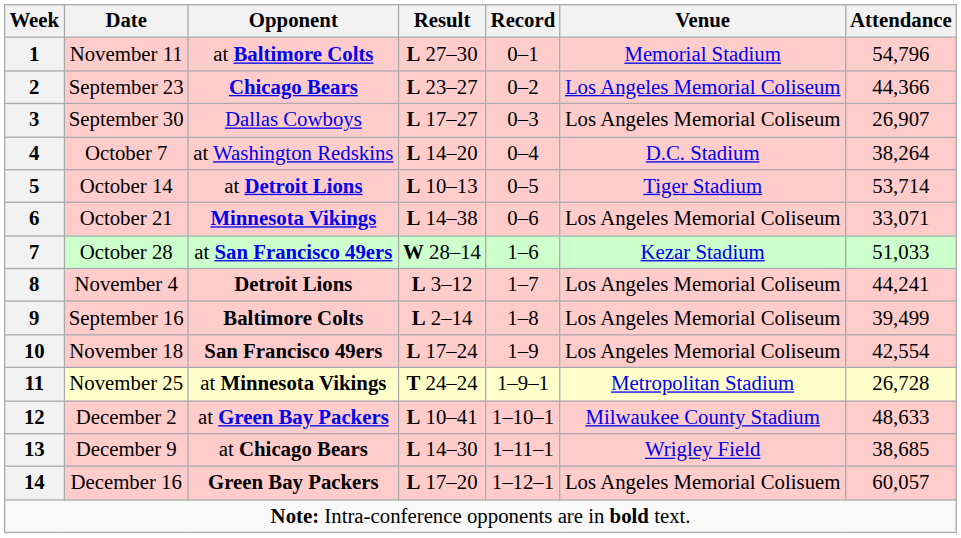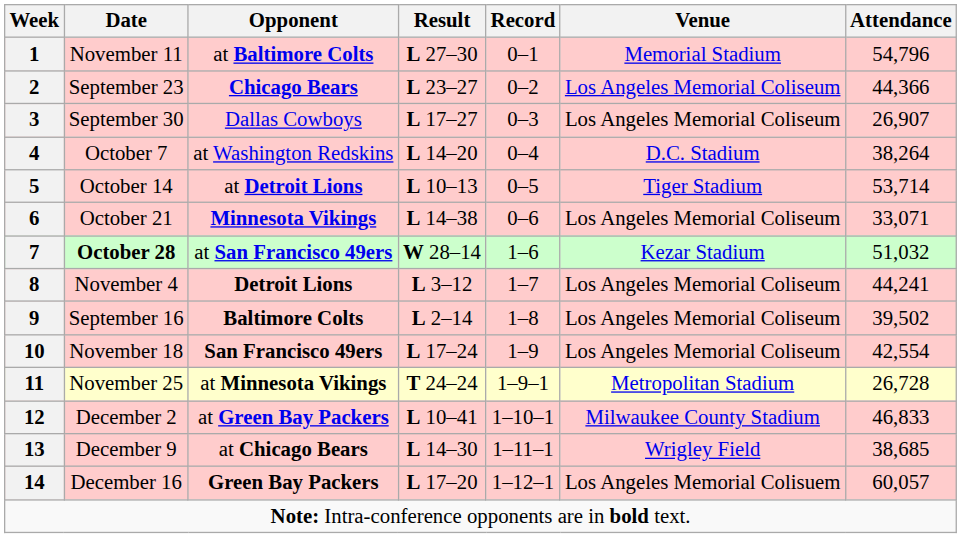 <table class="wikitable" style="text-align:center">
 <tr>
 <th>Week</th>
 <th>Date</th>
 <th>Opponent</th>
 <th>Result</th>
 <th>Record</th>
 <th>Venue</th>
 <th>Attendance</th>
 </tr>
 <tr style="background:#fcc">
 <th>1</th>
 <td>November 11</td>
 <td>at <strong><a href='#'>Baltimore Colts</a></strong></td>
 <td><strong>L</strong> 27–30</td>
 <td>0–1</td>
 <td><a href='#'>Memorial Stadium</a></td>
 <td>54,796</td>
 </tr>
 <tr style="background:#fcc">
 <th>2</th>
 <td>September 23</td>
 <td><strong><a href='#'>Chicago Bears</a></strong></td>
 <td><strong>L</strong> 23–27</td>
 <td>0–2</td>
 <td><a href='#'>Los Angeles Memorial Coliseum</a></td>
 <td>44,366</td>
 </tr>
 <tr style="background:#fcc">
 <th>3</th>
 <td>September 30</td>
 <td><a href='#'>Dallas Cowboys</a></td>
 <td><strong>L</strong> 17–27</td>
 <td>0–3</td>
 <td>Los Angeles Memorial Coliseum</td>
 <td>26,907</td>
 </tr>
 <tr style="background:#fcc">
 <th>4</th>
 <td>October 7</td>
 <td>at <a href='#'>Washington Redskins</a></td>
 <td><strong>L</strong> 14–20</td>
 <td>0–4</td>
 <td><a href='#'>D.C. Stadium</a></td>
 <td>38,264</td>
 </tr>
 <tr style="background:#fcc">
 <th>5</th>
 <td>October 14</td>
 <td>at <strong><a href='#'>Detroit Lions</a></strong></td>
 <td><strong>L</strong> 10–13</td>
 <td>0–5</td>
 <td><a href='#'>Tiger Stadium</a></td>
 <td>53,714</td>
 </tr>
 <tr style="background:#fcc">
 <th>6</th>
 <td>October 21</td>
 <td><strong><a href='#'>Minnesota Vikings</a></strong></td>
 <td><strong>L</strong> 14–38</td>
 <td>0–6</td>
 <td>Los Angeles Memorial Coliseum</td>
 <td>33,071</td>
 </tr>
 <tr style="background:#cfc">
 <th>7</th>
-<td>October 28</td>
+<td><strong>October 28</strong></td>
 <td>at <strong><a href='#'>San Francisco 49ers</a></strong></td>
 <td><strong>W</strong> 28–14</td>
 <td>1–6</td>
 <td><a href='#'>Kezar Stadium</a></td>
-<td>51,033</td>
+<td>51,032</td>
 </tr>
 <tr style="background:#fcc">
 <th>8</th>
 <td>November 4</td>
 <td><strong>Detroit Lions</strong></td>
 <td><strong>L</strong> 3–12</td>
 <td>1–7</td>
 <td>Los Angeles Memorial Coliseum</td>
 <td>44,241</td>
 </tr>
 <tr style="background:#fcc">
 <th>9</th>
 <td>September 16</td>
 <td><strong>Baltimore Colts</strong></td>
 <td><strong>L</strong> 2–14</td>
 <td>1–8</td>
 <td>Los Angeles Memorial Coliseum</td>
-<td>39,499</td>
+<td>39,502</td>
 </tr>
 <tr style="background:#fcc">
 <th>10</th>
 <td>November 18</td>
 <td><strong>San Francisco 49ers</strong></td>
 <td><strong>L</strong> 17–24</td>
 <td>1–9</td>
 <td>Los Angeles Memorial Coliseum</td>
 <td>42,554</td>
 </tr>
 <tr style="background:#ffc">
 <th>11</th>
 <td>November 25</td>
 <td>at <strong>Minnesota Vikings</strong></td>
 <td><strong>T</strong> 24–24</td>
 <td>1–9–1</td>
 <td><a href='#'>Metropolitan Stadium</a></td>
 <td>26,728</td>
 </tr>
 <tr style="background:#fcc">
 <th>12</th>
 <td>December 2</td>
 <td>at <strong><a href='#'>Green Bay Packers</a></strong></td>
 <td><strong>L</strong> 10–41</td>
 <td>1–10–1</td>
 <td><a href='#'>Milwaukee County Stadium</a></td>
-<td>48,633</td>
+<td>46,833</td>
 </tr>
 <tr style="background:#fcc">
 <th>13</th>
 <td>December 9</td>
 <td>at <strong>Chicago Bears</strong></td>
 <td><strong>L</strong> 14–30</td>
 <td>1–11–1</td>
 <td><a href='#'>Wrigley Field</a></td>
 <td>38,685</td>
 </tr>
 <tr style="background:#fcc">
 <th>14</th>
 <td>December 16</td>
 <td><strong>Green Bay Packers</strong></td>
 <td><strong>L</strong> 17–20</td>
 <td>1–12–1</td>
 <td>Los Angeles Memorial Colisuem</td>
 <td>60,057</td>
 </tr>
 <tr>
 <td colspan="8"><strong>Note:</strong> Intra-conference opponents are in <strong>bold</strong> text.</td>
 </tr>
 </table>
